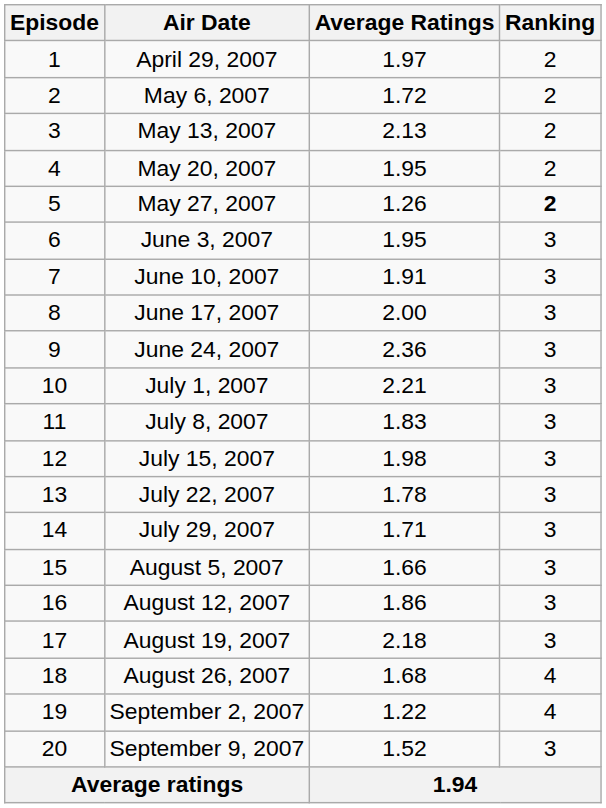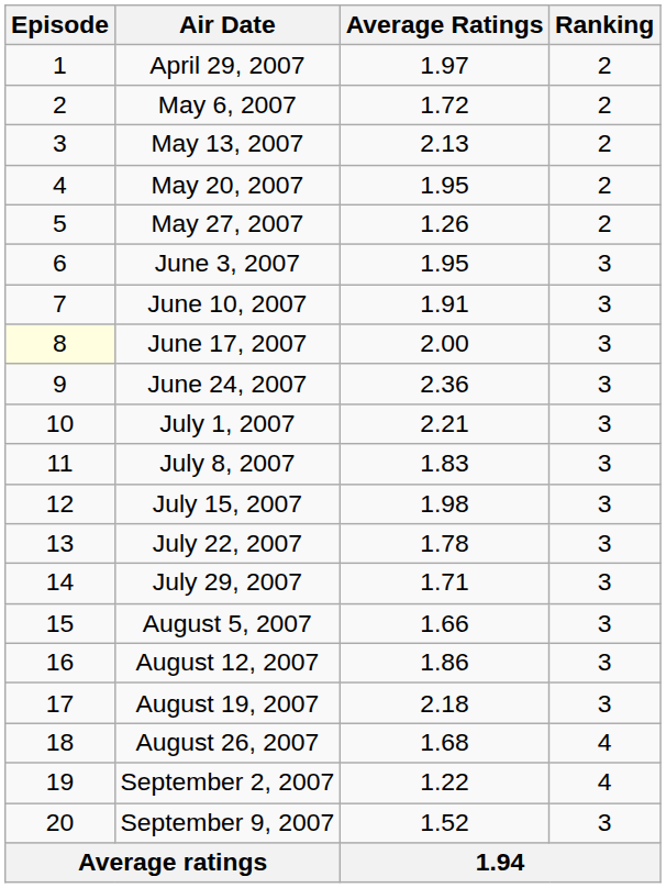 <table class="wikitable">
 <tr align="center">
 <th>Episode</th>
 <th>Air Date</th>
 <th>Average Ratings</th>
 <th>Ranking</th>
 </tr>
 <tr align="center">
 <td>1</td>
 <td>April 29, 2007</td>
 <td>1.97</td>
 <td>2</td>
 </tr>
 <tr align="center">
 <td>2</td>
 <td>May 6, 2007</td>
 <td>1.72</td>
 <td>2</td>
 </tr>
 <tr align="center">
 <td>3</td>
 <td>May 13, 2007</td>
 <td>2.13</td>
 <td>2</td>
 </tr>
 <tr align="center">
 <td>4</td>
 <td>May 20, 2007</td>
 <td>1.95</td>
 <td>2</td>
 </tr>
 <tr align="center">
 <td>5</td>
 <td>May 27, 2007</td>
 <td>1.26</td>
-<td><strong>2</strong></td>
+<td>2</td>
 </tr>
 <tr align="center">
 <td>6</td>
 <td>June 3, 2007</td>
 <td>1.95</td>
 <td>3</td>
 </tr>
 <tr align="center">
 <td>7</td>
 <td>June 10, 2007</td>
 <td>1.91</td>
 <td>3</td>
 </tr>
 <tr align="center">
-<td>8</td>
+<td style="background: lightyellow;">8</td>
 <td>June 17, 2007</td>
 <td>2.00</td>
 <td>3</td>
 </tr>
 <tr align="center">
 <td>9</td>
 <td>June 24, 2007</td>
 <td>2.36</td>
 <td>3</td>
 </tr>
 <tr align="center">
 <td>10</td>
 <td>July 1, 2007</td>
 <td>2.21</td>
 <td>3</td>
 </tr>
 <tr align="center">
 <td>11</td>
 <td>July 8, 2007</td>
 <td>1.83</td>
 <td>3</td>
 </tr>
 <tr align="center">
 <td>12</td>
 <td>July 15, 2007</td>
 <td>1.98</td>
 <td>3</td>
 </tr>
 <tr align="center">
 <td>13</td>
 <td>July 22, 2007</td>
 <td>1.78</td>
 <td>3</td>
 </tr>
 <tr align="center">
 <td>14</td>
 <td>July 29, 2007</td>
 <td>1.71</td>
 <td>3</td>
 </tr>
 <tr align="center">
 <td>15</td>
 <td>August 5, 2007</td>
 <td>1.66</td>
 <td>3</td>
 </tr>
 <tr align="center">
 <td>16</td>
 <td>August 12, 2007</td>
 <td>1.86</td>
 <td>3</td>
 </tr>
 <tr align="center">
 <td>17</td>
 <td>August 19, 2007</td>
 <td>2.18</td>
 <td>3</td>
 </tr>
 <tr align="center">
 <td>18</td>
 <td>August 26, 2007</td>
 <td>1.68</td>
 <td>4</td>
 </tr>
 <tr align="center">
 <td>19</td>
 <td>September 2, 2007</td>
 <td>1.22</td>
 <td>4</td>
 </tr>
 <tr align="center">
 <td>20</td>
 <td>September 9, 2007</td>
 <td>1.52</td>
 <td>3</td>
 </tr>
 <tr align="center">
 <th colspan=2>Average ratings</th>
 <th colspan=2>1.94</th>
 </tr>
 </table>
